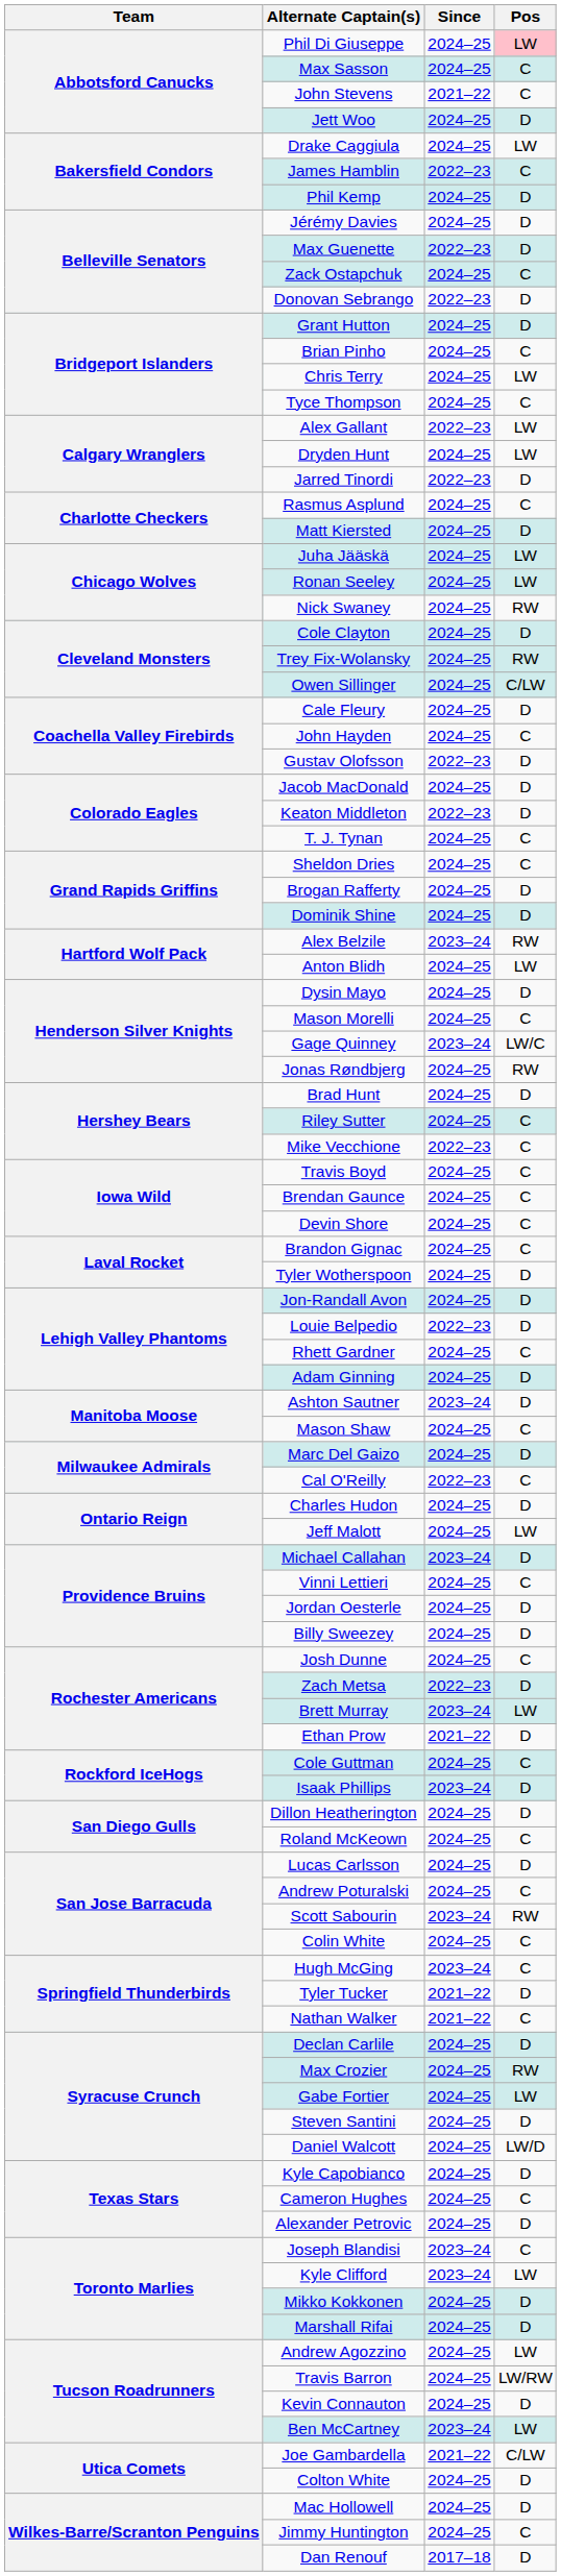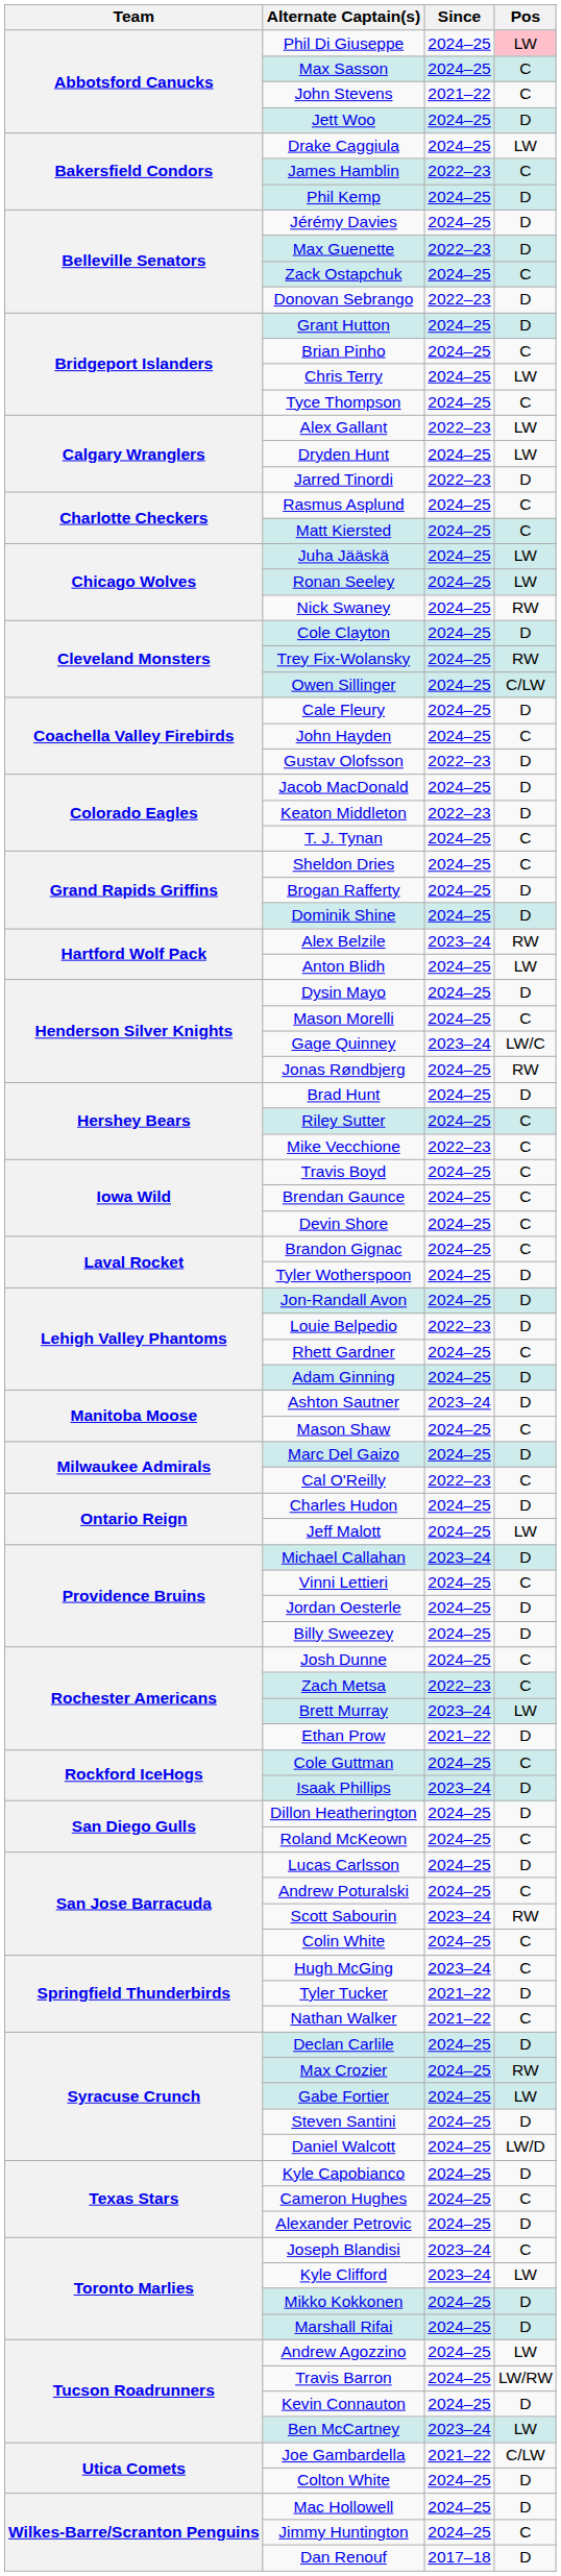 <table class="wikitable sortable" style="text-align: center">
 <tr>
 <th>Team</th>
 <th>Alternate Captain(s)</th>
 <th>Since</th>
 <th>Pos</th>
 </tr>
 <tr>
 <th rowspan="4"><a href='#'>Abbotsford Canucks</a></th>
 <td><a href='#'>Phil Di Giuseppe</a></td>
 <td><a href='#'>2024–25</a></td>
 <td style="background: pink;">LW</td>
 </tr>
 <tr bgcolor="#cfecec">
 <td><a href='#'>Max Sasson</a></td>
 <td><a href='#'>2024–25</a></td>
 <td>C</td>
 </tr>
 <tr>
 <td><a href='#'>John Stevens</a></td>
 <td><a href='#'>2021–22</a></td>
 <td>C</td>
 </tr>
 <tr bgcolor="#cfecec">
 <td><a href='#'>Jett Woo</a></td>
 <td><a href='#'>2024–25</a></td>
 <td>D</td>
 </tr>
 <tr>
 <th rowspan="3"><a href='#'>Bakersfield Condors</a></th>
 <td><a href='#'>Drake Caggiula</a></td>
 <td><a href='#'>2024–25</a></td>
 <td>LW</td>
 </tr>
 <tr bgcolor="#cfecec">
 <td><a href='#'>James Hamblin</a></td>
 <td><a href='#'>2022–23</a></td>
 <td>C</td>
 </tr>
 <tr bgcolor="#cfecec">
 <td><a href='#'>Phil Kemp</a></td>
 <td><a href='#'>2024–25</a></td>
 <td>D</td>
 </tr>
 <tr>
 <th rowspan="4"><a href='#'>Belleville Senators</a></th>
 <td><a href='#'>Jérémy Davies</a></td>
 <td><a href='#'>2024–25</a></td>
 <td>D</td>
 </tr>
 <tr bgcolor="#cfecec">
 <td><a href='#'>Max Guenette</a></td>
 <td><a href='#'>2022–23</a></td>
 <td>D</td>
 </tr>
 <tr bgcolor="#cfecec">
 <td><a href='#'>Zack Ostapchuk</a></td>
 <td><a href='#'>2024–25</a></td>
 <td>C</td>
 </tr>
 <tr>
 <td><a href='#'>Donovan Sebrango</a></td>
 <td><a href='#'>2022–23</a></td>
 <td>D</td>
 </tr>
 <tr bgcolor="#cfecec">
 <th rowspan="4"><a href='#'>Bridgeport Islanders</a></th>
 <td><a href='#'>Grant Hutton</a></td>
 <td><a href='#'>2024–25</a></td>
 <td>D</td>
 </tr>
 <tr>
 <td><a href='#'>Brian Pinho</a></td>
 <td><a href='#'>2024–25</a></td>
 <td>C</td>
 </tr>
 <tr>
 <td><a href='#'>Chris Terry</a></td>
 <td><a href='#'>2024–25</a></td>
 <td>LW</td>
 </tr>
 <tr>
 <td><a href='#'>Tyce Thompson</a></td>
 <td><a href='#'>2024–25</a></td>
 <td>C</td>
 </tr>
 <tr>
 <th rowspan="3"><a href='#'>Calgary Wranglers</a></th>
 <td><a href='#'>Alex Gallant</a></td>
 <td><a href='#'>2022–23</a></td>
 <td>LW</td>
 </tr>
 <tr>
 <td><a href='#'>Dryden Hunt</a></td>
 <td><a href='#'>2024–25</a></td>
 <td>LW</td>
 </tr>
 <tr>
 <td><a href='#'>Jarred Tinordi</a></td>
 <td><a href='#'>2022–23</a></td>
 <td>D</td>
 </tr>
 <tr>
 <th rowspan="2"><a href='#'>Charlotte Checkers</a></th>
 <td><a href='#'>Rasmus Asplund</a></td>
 <td><a href='#'>2024–25</a></td>
 <td>C</td>
 </tr>
 <tr bgcolor="#cfecec">
 <td><a href='#'>Matt Kiersted</a></td>
 <td><a href='#'>2024–25</a></td>
-<td>D</td>
+<td>C</td>
 </tr>
 <tr bgcolor="#cfecec">
 <th rowspan="3"><a href='#'>Chicago Wolves</a></th>
 <td><a href='#'>Juha Jääskä</a></td>
 <td><a href='#'>2024–25</a></td>
 <td>LW</td>
 </tr>
 <tr bgcolor="#cfecec">
 <td><a href='#'>Ronan Seeley</a></td>
 <td><a href='#'>2024–25</a></td>
 <td>LW</td>
 </tr>
 <tr>
 <td><a href='#'>Nick Swaney</a></td>
 <td><a href='#'>2024–25</a></td>
 <td>RW</td>
 </tr>
 <tr bgcolor="#cfecec">
 <th rowspan="3"><a href='#'>Cleveland Monsters</a></th>
 <td><a href='#'>Cole Clayton</a></td>
 <td><a href='#'>2024–25</a></td>
 <td>D</td>
 </tr>
 <tr bgcolor="#cfecec">
 <td><a href='#'>Trey Fix-Wolansky</a></td>
 <td><a href='#'>2024–25</a></td>
 <td>RW</td>
 </tr>
 <tr bgcolor="#cfecec">
 <td><a href='#'>Owen Sillinger</a></td>
 <td><a href='#'>2024–25</a></td>
 <td>C/LW</td>
 </tr>
 <tr>
 <th rowspan="3"><a href='#'>Coachella Valley Firebirds</a></th>
 <td><a href='#'>Cale Fleury</a></td>
 <td><a href='#'>2024–25</a></td>
 <td>D</td>
 </tr>
 <tr>
 <td><a href='#'>John Hayden</a></td>
 <td><a href='#'>2024–25</a></td>
 <td>C</td>
 </tr>
 <tr>
 <td><a href='#'>Gustav Olofsson</a></td>
 <td><a href='#'>2022–23</a></td>
 <td>D</td>
 </tr>
 <tr>
 <th rowspan="3"><a href='#'>Colorado Eagles</a></th>
 <td><a href='#'>Jacob MacDonald</a></td>
 <td><a href='#'>2024–25</a></td>
 <td>D</td>
 </tr>
 <tr>
 <td><a href='#'>Keaton Middleton</a></td>
 <td><a href='#'>2022–23</a></td>
 <td>D</td>
 </tr>
 <tr>
 <td><a href='#'>T. J. Tynan</a></td>
 <td><a href='#'>2024–25</a></td>
 <td>C</td>
 </tr>
 <tr>
 <th rowspan="3"><a href='#'>Grand Rapids Griffins</a></th>
 <td><a href='#'>Sheldon Dries</a></td>
 <td><a href='#'>2024–25</a></td>
 <td>C</td>
 </tr>
 <tr>
 <td><a href='#'>Brogan Rafferty</a></td>
 <td><a href='#'>2024–25</a></td>
 <td>D</td>
 </tr>
 <tr bgcolor="#cfecec">
 <td><a href='#'>Dominik Shine</a></td>
 <td><a href='#'>2024–25</a></td>
 <td>D</td>
 </tr>
 <tr>
 <th rowspan="2"><a href='#'>Hartford Wolf Pack</a></th>
 <td><a href='#'>Alex Belzile</a></td>
 <td><a href='#'>2023–24</a></td>
 <td>RW</td>
 </tr>
 <tr>
 <td><a href='#'>Anton Blidh</a></td>
 <td><a href='#'>2024–25</a></td>
 <td>LW</td>
 </tr>
 <tr>
 <th rowspan="4"><a href='#'>Henderson Silver Knights</a></th>
 <td><a href='#'>Dysin Mayo</a></td>
 <td><a href='#'>2024–25</a></td>
 <td>D</td>
 </tr>
 <tr>
 <td><a href='#'>Mason Morelli</a></td>
 <td><a href='#'>2024–25</a></td>
 <td>C</td>
 </tr>
 <tr>
 <td><a href='#'>Gage Quinney</a></td>
 <td><a href='#'>2023–24</a></td>
 <td>LW/C</td>
 </tr>
 <tr>
 <td><a href='#'>Jonas Røndbjerg</a></td>
 <td><a href='#'>2024–25</a></td>
 <td>RW</td>
 </tr>
 <tr>
 <th rowspan="3"><a href='#'>Hershey Bears</a></th>
 <td><a href='#'>Brad Hunt</a></td>
 <td><a href='#'>2024–25</a></td>
 <td>D</td>
 </tr>
 <tr bgcolor="#cfecec">
 <td><a href='#'>Riley Sutter</a></td>
 <td><a href='#'>2024–25</a></td>
 <td>C</td>
 </tr>
 <tr>
 <td><a href='#'>Mike Vecchione</a></td>
 <td><a href='#'>2022–23</a></td>
 <td>C</td>
 </tr>
 <tr>
 <th rowspan="3"><a href='#'>Iowa Wild</a></th>
 <td><a href='#'>Travis Boyd</a></td>
 <td><a href='#'>2024–25</a></td>
 <td>C</td>
 </tr>
 <tr>
 <td><a href='#'>Brendan Gaunce</a></td>
 <td><a href='#'>2024–25</a></td>
 <td>C</td>
 </tr>
 <tr>
 <td><a href='#'>Devin Shore</a></td>
 <td><a href='#'>2024–25</a></td>
 <td>C</td>
 </tr>
 <tr>
 <th rowspan="2"><a href='#'>Laval Rocket</a></th>
 <td><a href='#'>Brandon Gignac</a></td>
 <td><a href='#'>2024–25</a></td>
 <td>C</td>
 </tr>
 <tr>
 <td><a href='#'>Tyler Wotherspoon</a></td>
 <td><a href='#'>2024–25</a></td>
 <td>D</td>
 </tr>
 <tr bgcolor="#cfecec">
 <th rowspan="4"><a href='#'>Lehigh Valley Phantoms</a></th>
 <td><a href='#'>Jon-Randall Avon</a></td>
 <td><a href='#'>2024–25</a></td>
 <td>D</td>
 </tr>
 <tr>
 <td><a href='#'>Louie Belpedio</a></td>
 <td><a href='#'>2022–23</a></td>
 <td>D</td>
 </tr>
 <tr>
 <td><a href='#'>Rhett Gardner</a></td>
 <td><a href='#'>2024–25</a></td>
 <td>C</td>
 </tr>
 <tr bgcolor="#cfecec">
 <td><a href='#'>Adam Ginning</a></td>
 <td><a href='#'>2024–25</a></td>
 <td>D</td>
 </tr>
 <tr>
 <th rowspan="2"><a href='#'>Manitoba Moose</a></th>
 <td><a href='#'>Ashton Sautner</a></td>
 <td><a href='#'>2023–24</a></td>
 <td>D</td>
 </tr>
 <tr>
 <td><a href='#'>Mason Shaw</a></td>
 <td><a href='#'>2024–25</a></td>
 <td>C</td>
 </tr>
 <tr bgcolor="#cfecec">
 <th rowspan="2"><a href='#'>Milwaukee Admirals</a></th>
 <td><a href='#'>Marc Del Gaizo</a></td>
 <td><a href='#'>2024–25</a></td>
 <td>D</td>
 </tr>
 <tr>
 <td><a href='#'>Cal O'Reilly</a></td>
 <td><a href='#'>2022–23</a></td>
 <td>C</td>
 </tr>
 <tr>
 <th rowspan="2"><a href='#'>Ontario Reign</a></th>
 <td><a href='#'>Charles Hudon</a></td>
 <td><a href='#'>2024–25</a></td>
 <td>D</td>
 </tr>
 <tr>
 <td><a href='#'>Jeff Malott</a></td>
 <td><a href='#'>2024–25</a></td>
 <td>LW</td>
 </tr>
 <tr bgcolor="#cfecec">
 <th rowspan="4"><a href='#'>Providence Bruins</a></th>
 <td><a href='#'>Michael Callahan</a></td>
 <td><a href='#'>2023–24</a></td>
 <td>D</td>
 </tr>
 <tr>
 <td><a href='#'>Vinni Lettieri</a></td>
 <td><a href='#'>2024–25</a></td>
 <td>C</td>
 </tr>
 <tr>
 <td><a href='#'>Jordan Oesterle</a></td>
 <td><a href='#'>2024–25</a></td>
 <td>D</td>
 </tr>
 <tr>
 <td><a href='#'>Billy Sweezey</a></td>
 <td><a href='#'>2024–25</a></td>
 <td>D</td>
 </tr>
 <tr>
 <th rowspan="4"><a href='#'>Rochester Americans</a></th>
 <td><a href='#'>Josh Dunne</a></td>
 <td><a href='#'>2024–25</a></td>
 <td>C</td>
 </tr>
 <tr bgcolor="#cfecec">
 <td><a href='#'>Zach Metsa</a></td>
 <td><a href='#'>2022–23</a></td>
-<td>D</td>
+<td>C</td>
 </tr>
 <tr bgcolor="#cfecec">
 <td><a href='#'>Brett Murray</a></td>
 <td><a href='#'>2023–24</a></td>
 <td>LW</td>
 </tr>
 <tr>
 <td><a href='#'>Ethan Prow</a></td>
 <td><a href='#'>2021–22</a></td>
 <td>D</td>
 </tr>
 <tr bgcolor="#cfecec">
 <th rowspan="2"><a href='#'>Rockford IceHogs</a></th>
 <td><a href='#'>Cole Guttman</a></td>
 <td><a href='#'>2024–25</a></td>
 <td>C</td>
 </tr>
 <tr bgcolor="#cfecec">
 <td><a href='#'>Isaak Phillips</a></td>
 <td><a href='#'>2023–24</a></td>
 <td>D</td>
 </tr>
 <tr>
 <th rowspan="2"><a href='#'>San Diego Gulls</a></th>
 <td><a href='#'>Dillon Heatherington</a></td>
 <td><a href='#'>2024–25</a></td>
 <td>D</td>
 </tr>
 <tr>
 <td><a href='#'>Roland McKeown</a></td>
 <td><a href='#'>2024–25</a></td>
 <td>C</td>
 </tr>
 <tr>
 <th rowspan="4"><a href='#'>San Jose Barracuda</a></th>
 <td><a href='#'>Lucas Carlsson</a></td>
 <td><a href='#'>2024–25</a></td>
 <td>D</td>
 </tr>
 <tr>
 <td><a href='#'>Andrew Poturalski</a></td>
 <td><a href='#'>2024–25</a></td>
 <td>C</td>
 </tr>
 <tr>
 <td><a href='#'>Scott Sabourin</a></td>
 <td><a href='#'>2023–24</a></td>
 <td>RW</td>
 </tr>
 <tr>
 <td><a href='#'>Colin White</a></td>
 <td><a href='#'>2024–25</a></td>
 <td>C</td>
 </tr>
 <tr>
 <th rowspan="3"><a href='#'>Springfield Thunderbirds</a></th>
 <td><a href='#'>Hugh McGing</a></td>
 <td><a href='#'>2023–24</a></td>
 <td>C</td>
 </tr>
 <tr>
 <td><a href='#'>Tyler Tucker</a></td>
 <td><a href='#'>2021–22</a></td>
 <td>D</td>
 </tr>
 <tr>
 <td><a href='#'>Nathan Walker</a></td>
 <td><a href='#'>2021–22</a></td>
 <td>C</td>
 </tr>
 <tr bgcolor="#cfecec">
 <th rowspan="5"><a href='#'>Syracuse Crunch</a></th>
 <td><a href='#'>Declan Carlile</a></td>
 <td><a href='#'>2024–25</a></td>
 <td>D</td>
 </tr>
 <tr bgcolor="#cfecec">
 <td><a href='#'>Max Crozier</a></td>
 <td><a href='#'>2024–25</a></td>
 <td>RW</td>
 </tr>
 <tr bgcolor="#cfecec">
 <td><a href='#'>Gabe Fortier</a></td>
 <td><a href='#'>2024–25</a></td>
 <td>LW</td>
 </tr>
 <tr>
 <td><a href='#'>Steven Santini</a></td>
 <td><a href='#'>2024–25</a></td>
 <td>D</td>
 </tr>
 <tr>
 <td><a href='#'>Daniel Walcott</a></td>
 <td><a href='#'>2024–25</a></td>
 <td>LW/D</td>
 </tr>
 <tr>
 <th rowspan="3"><a href='#'>Texas Stars</a></th>
 <td><a href='#'>Kyle Capobianco</a></td>
 <td><a href='#'>2024–25</a></td>
 <td>D</td>
 </tr>
 <tr>
 <td><a href='#'>Cameron Hughes</a></td>
 <td><a href='#'>2024–25</a></td>
 <td>C</td>
 </tr>
 <tr>
 <td><a href='#'>Alexander Petrovic</a></td>
 <td><a href='#'>2024–25</a></td>
 <td>D</td>
 </tr>
 <tr>
 <th rowspan="4"><a href='#'>Toronto Marlies</a></th>
 <td><a href='#'>Joseph Blandisi</a></td>
 <td><a href='#'>2023–24</a></td>
 <td>C</td>
 </tr>
 <tr>
 <td><a href='#'>Kyle Clifford</a></td>
 <td><a href='#'>2023–24</a></td>
 <td>LW</td>
 </tr>
 <tr bgcolor="#cfecec">
 <td><a href='#'>Mikko Kokkonen</a></td>
 <td><a href='#'>2024–25</a></td>
 <td>D</td>
 </tr>
 <tr bgcolor="#cfecec">
 <td><a href='#'>Marshall Rifai</a></td>
 <td><a href='#'>2024–25</a></td>
 <td>D</td>
 </tr>
 <tr>
 <th rowspan="4"><a href='#'>Tucson Roadrunners</a></th>
 <td><a href='#'>Andrew Agozzino</a></td>
 <td><a href='#'>2024–25</a></td>
 <td>LW</td>
 </tr>
 <tr>
 <td><a href='#'>Travis Barron</a></td>
 <td><a href='#'>2024–25</a></td>
 <td>LW/RW</td>
 </tr>
 <tr>
 <td><a href='#'>Kevin Connauton</a></td>
 <td><a href='#'>2024–25</a></td>
 <td>D</td>
 </tr>
 <tr bgcolor="#cfecec">
 <td><a href='#'>Ben McCartney</a></td>
 <td><a href='#'>2023–24</a></td>
 <td>LW</td>
 </tr>
 <tr>
 <th rowspan="2"><a href='#'>Utica Comets</a></th>
 <td><a href='#'>Joe Gambardella</a></td>
 <td><a href='#'>2021–22</a></td>
 <td>C/LW</td>
 </tr>
 <tr>
 <td><a href='#'>Colton White</a></td>
 <td><a href='#'>2024–25</a></td>
 <td>D</td>
 </tr>
 <tr>
 <th rowspan="3"><a href='#'>Wilkes-Barre/Scranton Penguins</a></th>
 <td><a href='#'>Mac Hollowell</a></td>
 <td><a href='#'>2024–25</a></td>
 <td>D</td>
 </tr>
 <tr>
 <td><a href='#'>Jimmy Huntington</a></td>
 <td><a href='#'>2024–25</a></td>
 <td>C</td>
 </tr>
 <tr>
 <td><a href='#'>Dan Renouf</a></td>
 <td><a href='#'>2017–18</a></td>
 <td>D</td>
 </tr>
 </table>
